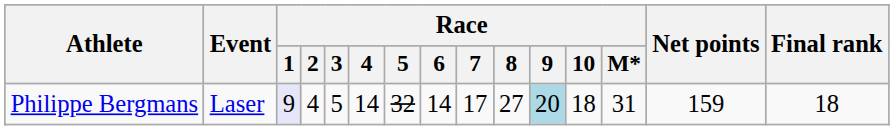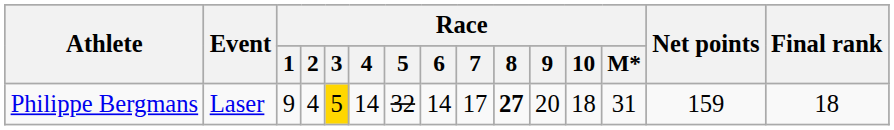 <table class="wikitable" style="font-size:90%">
 <tr>
 <th rowspan=2>Athlete</th>
 <th rowspan=2>Event</th>
 <th colspan=11>Race</th>
 <th rowspan=2>Net points</th>
 <th rowspan=2>Final rank</th>
 </tr>
 <tr style="font-size:95%">
 <th>1</th>
 <th>2</th>
 <th>3</th>
 <th>4</th>
 <th>5</th>
 <th>6</th>
 <th>7</th>
 <th>8</th>
 <th>9</th>
 <th>10</th>
 <th>M*</th>
 </tr>
 <tr align=center>
 <td align=left><a href='#'>Philippe Bergmans</a></td>
 <td align=left><a href='#'>Laser</a></td>
-<td style="background: lavender;">9</td>
+<td>9</td>
 <td>4</td>
-<td>5</td>
+<td style="background: gold;">5</td>
 <td>14</td>
 <td><s>32</s></td>
 <td>14</td>
 <td>17</td>
-<td>27</td>
-<td style="background: lightblue;">20</td>
+<td><strong>27</strong></td>
+<td>20</td>
 <td>18</td>
 <td>31</td>
 <td>159</td>
 <td>18</td>
 </tr>
 </table>
